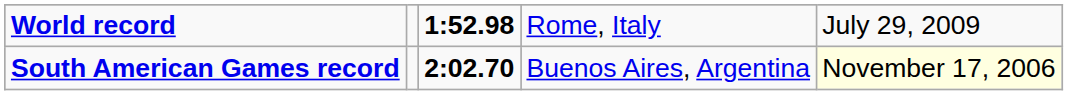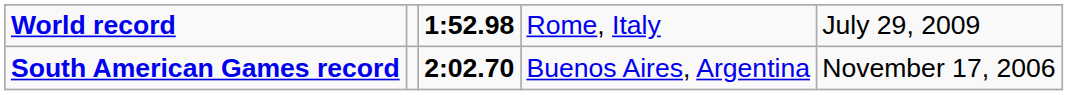 <table class="wikitable">
 <tr>
 <td><strong><a href='#'>World record</a></strong></td>
 <td></td>
 <td><strong>1:52.98</strong></td>
 <td><a href='#'>Rome</a>, <a href='#'>Italy</a></td>
 <td>July 29, 2009</td>
 </tr>
 <tr>
 <td><strong><a href='#'>South American Games record</a></strong></td>
 <td></td>
 <td><strong>2:02.70</strong></td>
 <td><a href='#'>Buenos Aires</a>, <a href='#'>Argentina</a></td>
-<td style="background: lightyellow;">November 17, 2006</td>
+<td>November 17, 2006</td>
 </tr>
 </table>
